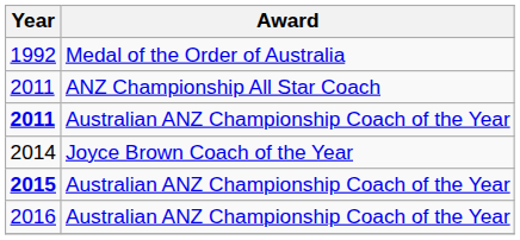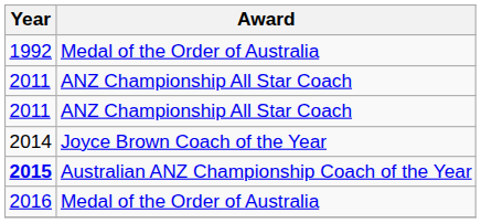 <table class="wikitable collapsible">
 <tr>
 <th>Year</th>
 <th>Award</th>
 </tr>
 <tr>
 <td><a href='#'>1992</a></td>
 <td><a href='#'>Medal of the Order of Australia</a></td>
 </tr>
 <tr>
 <td><a href='#'>2011</a></td>
 <td><a href='#'>ANZ Championship All Star Coach</a></td>
 </tr>
 <tr>
-<td><strong><a href='#'>2011</a></strong></td>
-<td><a href='#'>Australian ANZ Championship Coach of the Year</a></td>
+<td><a href='#'>2011</a></td>
+<td><a href='#'>ANZ Championship All Star Coach</a></td>
 </tr>
 <tr>
 <td>2014</td>
 <td><a href='#'>Joyce Brown Coach of the Year</a></td>
 </tr>
 <tr>
 <td><strong><a href='#'>2015</a></strong></td>
 <td><a href='#'>Australian ANZ Championship Coach of the Year</a></td>
 </tr>
 <tr>
 <td><a href='#'>2016</a></td>
-<td><a href='#'>Australian ANZ Championship Coach of the Year</a></td>
+<td><a href='#'>Medal of the Order of Australia</a></td>
 </tr>
 <tr>
 </tr>
 </table>
